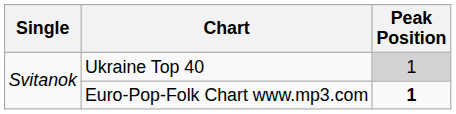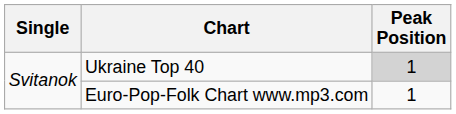 <table class="wikitable">
 <tr>
 <th>Single</th>
 <th>Chart</th>
 <th>Peak<br>Position</th>
 </tr>
 <tr>
 <td rowspan="2"><em>Svitanok</em></td>
 <td>Ukraine Top 40</td>
 <td align="center" style="background: lightgrey;">1</td>
 </tr>
 <tr>
 <td>Euro-Pop-Folk Chart www.mp3.com</td>
-<td align="center"><strong>1</strong></td>
+<td align="center">1</td>
 </tr>
 </table>
